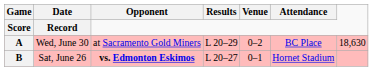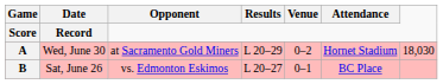 <table class="wikitable" style="text-align:center">
 <tr>
 <th>Game</th>
 <th>Date</th>
 <th>Opponent</th>
 <th>Results</th>
 <th>Venue</th>
 <th>Attendance</th>
 </tr>
 <tr>
 <th>Score</th>
 <th>Record</th>
 </tr>
 <tr style="background:#ffbbbb">
 <th>A</th>
 <td>Wed, June 30</td>
 <td>at <a href='#'>Sacramento Gold Miners</a></td>
 <td>L 20–29</td>
 <td>0–2</td>
-<td><a href='#'>BC Place</a></td>
-<td>18,630</td>
+<td><a href='#'>Hornet Stadium</a></td>
+<td>18,030</td>
 </tr>
 <tr style="background:#ffbbbb">
 <th>B</th>
 <td>Sat, June 26</td>
-<td><strong>vs. <a href='#'>Edmonton Eskimos</a></strong></td>
+<td>vs. <a href='#'>Edmonton Eskimos</a></td>
 <td>L 20–27</td>
 <td>0–1</td>
-<td><a href='#'>Hornet Stadium</a></td>
+<td><a href='#'>BC Place</a></td>
 <td></td>
 </tr>
 </table>
